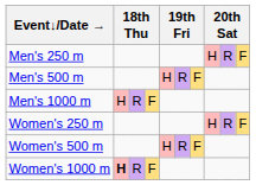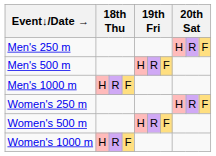 <table class="wikitable" style="margin:0.5em auto; font-size:90%; line-height:1.25em; text-align:center;">
 <tr>
 <th>Event↓/Date →</th>
 <th colspan=3>18th<br>Thu</th>
 <th colspan=3>19th<br>Fri</th>
 <th colspan=3>20th<br>Sat</th>
 </tr>
 <tr>
 <td style="text-align:left;"><a href='#'>Men's 250 m</a></td>
 <td colspan=3></td>
 <td colspan=3></td>
 <td style="background-color:#FFBBBB;">H</td>
 <td style="background-color:#D0A9F5;">R</td>
 <td style="background-color:#FFDF80;">F</td>
 </tr>
 <tr>
 <td style="text-align:left;"><a href='#'>Men's 500 m</a></td>
 <td colspan=3></td>
 <td style="background-color:#FFBBBB;">H</td>
 <td style="background-color:#D0A9F5;">R</td>
 <td style="background-color:#FFDF80;">F</td>
 <td colspan=3></td>
 </tr>
 <tr>
 <td style="text-align:left;"><a href='#'>Men's 1000 m</a></td>
 <td style="background-color:#FFBBBB;">H</td>
 <td style="background-color:#D0A9F5;">R</td>
 <td style="background-color:#FFDF80;">F</td>
 <td colspan=3></td>
 <td colspan=3></td>
 </tr>
 <tr>
 <td style="text-align:left;"><a href='#'>Women's 250 m</a></td>
 <td colspan=3></td>
 <td colspan=3></td>
 <td style="background-color:#FFBBBB;">H</td>
 <td style="background-color:#D0A9F5;">R</td>
 <td style="background-color:#FFDF80;">F</td>
 </tr>
 <tr>
 <td style="text-align:left;"><a href='#'>Women's 500 m</a></td>
 <td colspan=3></td>
 <td style="background-color:#FFBBBB;">H</td>
 <td style="background-color:#D0A9F5;">R</td>
 <td style="background-color:#FFDF80;">F</td>
 <td colspan=3></td>
 </tr>
 <tr>
 <td style="text-align:left;"><a href='#'>Women's 1000 m</a></td>
-<td style="background-color:#FFBBBB;"><strong>H</strong></td>
+<td style="background-color:#FFBBBB;">H</td>
 <td style="background-color:#D0A9F5;">R</td>
 <td style="background-color:#FFDF80;">F</td>
 <td colspan=3></td>
 <td colspan=3></td>
 </tr>
 </table>
